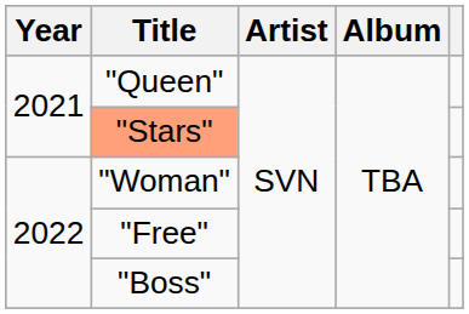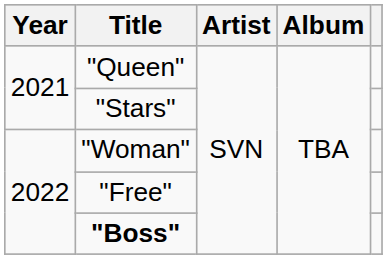 <table class="wikitable plainrowheaders" style="text-align:center;">
 <tr>
 <th>Year</th>
 <th>Title</th>
 <th>Artist</th>
 <th>Album</th>
 <th style="text-align: center;" class="unsortable"></th>
 </tr>
 <tr>
 <td rowspan="2">2021</td>
 <td>"Queen"</td>
 <td rowspan="5">SVN</td>
 <td rowspan="5">TBA</td>
 <td></td>
 </tr>
 <tr>
-<td style="background: lightsalmon;">"Stars"</td>
+<td>"Stars"</td>
 <td></td>
 </tr>
 <tr>
 <td rowspan="3">2022</td>
 <td>"Woman"</td>
 <td></td>
 </tr>
 <tr>
 <td>"Free"</td>
 <td></td>
 </tr>
 <tr>
-<td>"Boss"</td>
+<td><strong>"Boss"</strong></td>
 <td></td>
 </tr>
 </table>
